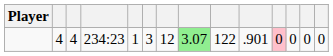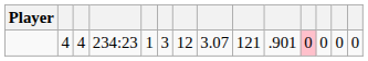 <table class="wikitable sortable" style="text-align:center;">
 <tr>
 <th>Player</th>
 <th></th>
 <th></th>
 <th></th>
 <th></th>
 <th></th>
 <th></th>
 <th></th>
 <th></th>
 <th></th>
 <th></th>
 <th></th>
 <th></th>
 <th></th>
 </tr>
 <tr>
 <td></td>
 <td>4</td>
 <td>4</td>
 <td>234:23</td>
 <td>1</td>
 <td>3</td>
 <td>12</td>
-<td style="background: lightgreen;">3.07</td>
-<td>122</td>
+<td>3.07</td>
+<td>121</td>
 <td>.901</td>
 <td style="background: pink;">0</td>
 <td>0</td>
 <td>0</td>
 <td>0</td>
 </tr>
 </table>
